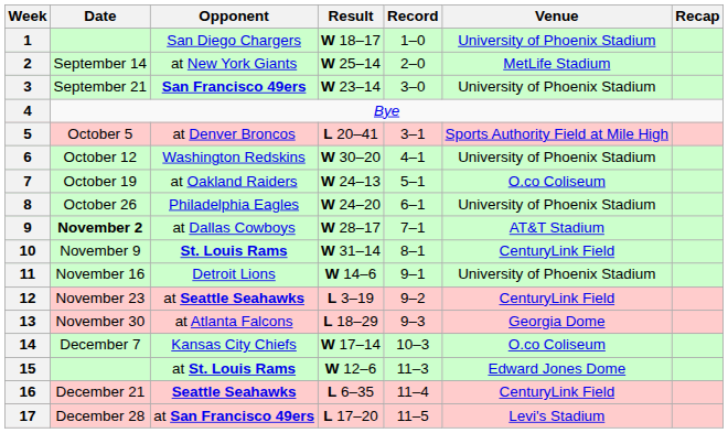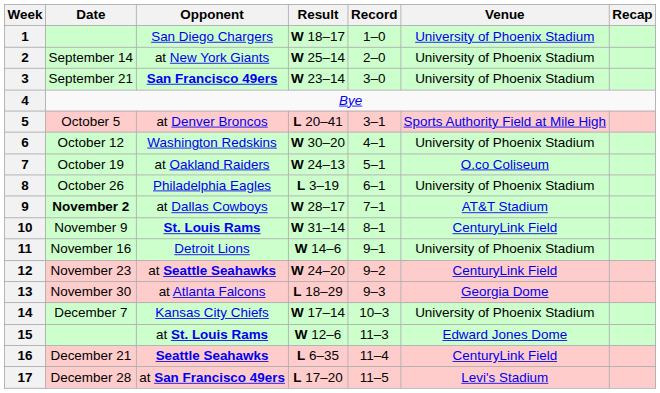 <table class="wikitable" style="text-align:center">
 <tr>
 <th>Week</th>
 <th>Date</th>
 <th>Opponent</th>
 <th>Result</th>
 <th>Record</th>
 <th>Venue</th>
 <th>Recap</th>
 </tr>
 <tr style="background:#cfc; text-align:center;">
 <th>1</th>
 <td></td>
 <td><a href='#'>San Diego Chargers</a></td>
 <td><strong>W</strong> 18–17</td>
 <td>1–0</td>
 <td><a href='#'>University of Phoenix Stadium</a></td>
 <td></td>
 </tr>
 <tr style="background:#cfc; text-align:center;">
 <th>2</th>
 <td>September 14</td>
 <td>at <a href='#'>New York Giants</a></td>
 <td><strong>W</strong> 25–14</td>
 <td>2–0</td>
-<td><a href='#'>MetLife Stadium</a></td>
+<td>University of Phoenix Stadium</td>
 <td></td>
 </tr>
 <tr style="background:#cfc; text-align:center;">
 <th>3</th>
 <td>September 21</td>
 <td><strong><a href='#'>San Francisco 49ers</a></strong></td>
 <td><strong>W</strong> 23–14</td>
 <td>3–0</td>
 <td>University of Phoenix Stadium</td>
 <td></td>
 </tr>
 <tr>
 <th>4</th>
 <td colspan="6" style="text-align:center;"><em><a href='#'>Bye</a></em></td>
 </tr>
 <tr style="background:#fcc; text-align:center;">
 <th>5</th>
 <td>October 5</td>
 <td>at <a href='#'>Denver Broncos</a></td>
 <td><strong>L</strong> 20–41</td>
 <td>3–1</td>
 <td><a href='#'>Sports Authority Field at Mile High</a></td>
 <td></td>
 </tr>
 <tr style="background:#cfc; text-align:center;">
 <th>6</th>
 <td>October 12</td>
 <td><a href='#'>Washington Redskins</a></td>
 <td><strong>W</strong> 30–20</td>
 <td>4–1</td>
 <td>University of Phoenix Stadium</td>
 <td></td>
 </tr>
 <tr style="background:#cfc; text-align:center;">
 <th>7</th>
 <td>October 19</td>
 <td>at <a href='#'>Oakland Raiders</a></td>
 <td><strong>W</strong> 24–13</td>
 <td>5–1</td>
 <td><a href='#'>O.co Coliseum</a></td>
 <td></td>
 </tr>
 <tr style="background:#cfc; text-align:center;">
 <th>8</th>
 <td>October 26</td>
 <td><a href='#'>Philadelphia Eagles</a></td>
-<td><strong>W</strong> 24–20</td>
+<td><strong>L</strong> 3–19</td>
 <td>6–1</td>
 <td>University of Phoenix Stadium</td>
 <td></td>
 </tr>
 <tr style="background:#cfc; text-align:center;">
 <th>9</th>
 <td><strong>November 2</strong></td>
 <td>at <a href='#'>Dallas Cowboys</a></td>
 <td><strong>W</strong> 28–17</td>
 <td>7–1</td>
 <td><a href='#'>AT&T Stadium</a></td>
 <td></td>
 </tr>
 <tr style="background:#cfc; text-align:center;">
 <th>10</th>
 <td>November 9</td>
 <td><strong><a href='#'>St. Louis Rams</a></strong></td>
 <td><strong>W</strong> 31–14</td>
 <td>8–1</td>
 <td><a href='#'>CenturyLink Field</a></td>
 <td></td>
 </tr>
 <tr style="background:#cfc; text-align:center;">
 <th>11</th>
 <td>November 16</td>
 <td><a href='#'>Detroit Lions</a></td>
 <td><strong>W</strong> 14–6</td>
 <td>9–1</td>
 <td>University of Phoenix Stadium</td>
 <td></td>
 </tr>
 <tr style="background:#fcc; text-align:center;">
 <th>12</th>
 <td>November 23</td>
 <td>at <strong><a href='#'>Seattle Seahawks</a></strong></td>
-<td><strong>L</strong> 3–19</td>
+<td><strong>W</strong> 24–20</td>
 <td>9–2</td>
 <td><a href='#'>CenturyLink Field</a></td>
 <td></td>
 </tr>
 <tr style="background:#fcc; text-align:center;">
 <th>13</th>
 <td>November 30</td>
 <td>at <a href='#'>Atlanta Falcons</a></td>
 <td><strong>L</strong> 18–29</td>
 <td>9–3</td>
 <td><a href='#'>Georgia Dome</a></td>
 <td></td>
 </tr>
 <tr style="background:#cfc; text-align:center;">
 <th>14</th>
 <td>December 7</td>
 <td><a href='#'>Kansas City Chiefs</a></td>
 <td><strong>W</strong> 17–14</td>
 <td>10–3</td>
-<td><a href='#'>O.co Coliseum</a></td>
+<td>University of Phoenix Stadium</td>
 <td></td>
 </tr>
 <tr style="background:#cfc; text-align:center;">
 <th>15</th>
 <td></td>
 <td>at <strong><a href='#'>St. Louis Rams</a></strong></td>
 <td><strong>W</strong> 12–6</td>
 <td>11–3</td>
 <td><a href='#'>Edward Jones Dome</a></td>
 <td></td>
 </tr>
 <tr style="background:#fcc; text-align:center;">
 <th>16</th>
 <td>December 21</td>
 <td><strong><a href='#'>Seattle Seahawks</a></strong></td>
 <td><strong>L</strong> 6–35</td>
 <td>11–4</td>
 <td><a href='#'>CenturyLink Field</a></td>
 <td></td>
 </tr>
 <tr style="background:#fcc; text-align:center;">
 <th>17</th>
 <td>December 28</td>
 <td>at <strong><a href='#'>San Francisco 49ers</a></strong></td>
 <td><strong>L</strong> 17–20</td>
 <td>11–5</td>
 <td><a href='#'>Levi's Stadium</a></td>
 <td></td>
 </tr>
 </table>
